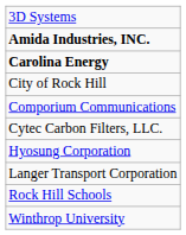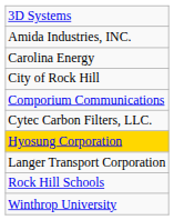 <table class="wikitable" style="float:right">
 <tr>
 <td><a href='#'>3D Systems</a></td>
 </tr>
 <tr>
-<td><strong>Amida Industries, INC.</strong></td>
+<td>Amida Industries, INC.</td>
 </tr>
 <tr>
-<td><strong>Carolina Energy</strong></td>
+<td>Carolina Energy</td>
 </tr>
 <tr>
 <td>City of Rock Hill</td>
 </tr>
 <tr>
 <td><a href='#'>Comporium Communications</a></td>
 </tr>
 <tr>
 <td>Cytec Carbon Filters, LLC.</td>
 </tr>
 <tr>
-<td><a href='#'>Hyosung Corporation</a></td>
+<td style="background: gold;"><a href='#'>Hyosung Corporation</a></td>
 </tr>
 <tr>
 <td>Langer Transport Corporation</td>
 </tr>
 <tr>
 <td><a href='#'>Rock Hill Schools</a></td>
 </tr>
 <tr>
 <td><a href='#'>Winthrop University</a></td>
 </tr>
 </table>
